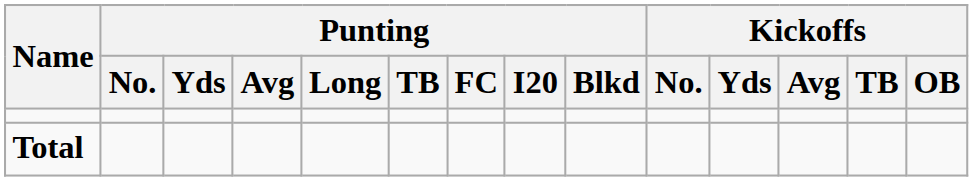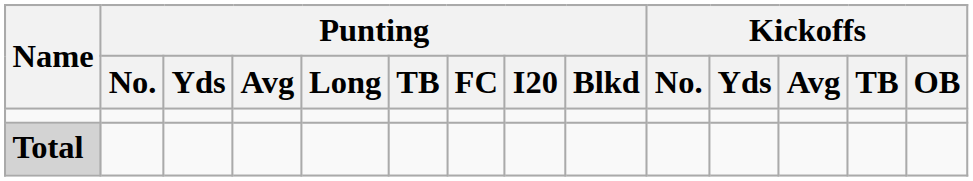 <table class="wikitable" style="white-space:nowrap;">
 <tr>
 <th rowspan="2">Name</th>
 <th colspan="8">Punting</th>
 <th colspan="5">Kickoffs</th>
 </tr>
 <tr>
 <th>No.</th>
 <th>Yds</th>
 <th>Avg</th>
 <th>Long</th>
 <th>TB</th>
 <th>FC</th>
 <th>I20</th>
 <th>Blkd</th>
 <th>No.</th>
 <th>Yds</th>
 <th>Avg</th>
 <th>TB</th>
 <th>OB</th>
 </tr>
 <tr>
 <td></td>
 <td></td>
 <td></td>
 <td></td>
 <td></td>
 <td></td>
 <td></td>
 <td></td>
 <td></td>
 <td></td>
 <td></td>
 <td></td>
 <td></td>
 <td></td>
 </tr>
 <tr>
-<td><strong>Total</strong></td>
+<td style="background: lightgrey;"><strong>Total</strong></td>
 <td></td>
 <td></td>
 <td></td>
 <td></td>
 <td></td>
 <td></td>
 <td></td>
 <td></td>
 <td></td>
 <td></td>
 <td></td>
 <td></td>
 <td></td>
 </tr>
 </table>
